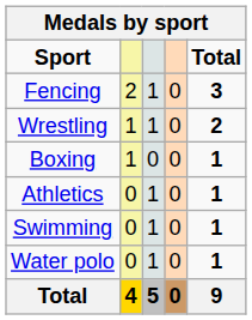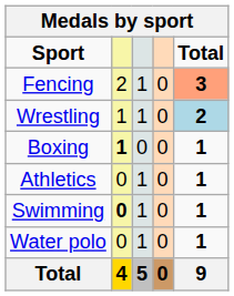 <table class="wikitable" style="font-size:85%; float:right;">
 <tr style="background:#efefef;">
 <th colspan=7>Medals by sport</th>
 </tr>
 <tr style="text-align:center">
 <td><strong>Sport</strong></td>
 <td bgcolor=#f7f6a8></td>
 <td bgcolor=#dce5e5></td>
 <td bgcolor=#ffdab9></td>
 <td><strong>Total</strong></td>
 </tr>
 <tr style="text-align:center">
 <td><a href='#'>Fencing</a></td>
 <td bgcolor=F7F6A8>2</td>
 <td bgcolor=DCE5E5>1</td>
 <td bgcolor=FFDAB9>0</td>
-<td><strong>3</strong></td>
+<td style="background: lightsalmon;"><strong>3</strong></td>
 </tr>
 <tr style="text-align:center">
 <td><a href='#'>Wrestling</a></td>
 <td bgcolor=F7F6A8>1</td>
 <td bgcolor=DCE5E5>1</td>
 <td bgcolor=FFDAB9>0</td>
-<td><strong>2</strong></td>
+<td style="background: lightblue;"><strong>2</strong></td>
 </tr>
 <tr style="text-align:center">
 <td><a href='#'>Boxing</a></td>
-<td bgcolor=F7F6A8>1</td>
+<td bgcolor=F7F6A8><strong>1</strong></td>
 <td bgcolor=DCE5E5>0</td>
 <td bgcolor=FFDAB9>0</td>
 <td><strong>1</strong></td>
 </tr>
 <tr style="text-align:center">
 <td><a href='#'>Athletics</a></td>
 <td bgcolor=F7F6A8>0</td>
 <td bgcolor=DCE5E5>1</td>
 <td bgcolor=FFDAB9>0</td>
 <td><strong>1</strong></td>
 </tr>
 <tr style="text-align:center">
 <td><a href='#'>Swimming</a></td>
-<td bgcolor=F7F6A8>0</td>
+<td bgcolor=F7F6A8><strong>0</strong></td>
 <td bgcolor=DCE5E5>1</td>
 <td bgcolor=FFDAB9>0</td>
 <td><strong>1</strong></td>
 </tr>
 <tr align=center>
 <td><a href='#'>Water polo</a></td>
 <td bgcolor=F7F6A8>0</td>
 <td bgcolor=DCE5E5>1</td>
 <td bgcolor=FFDAB9>0</td>
 <td><strong>1</strong></td>
 </tr>
 <tr style="text-align:center">
 <th>Total</th>
 <th style="background:gold">4</th>
 <th style="background:silver">5</th>
 <th style="background:#c96">0</th>
 <th>9</th>
 </tr>
 </table>
